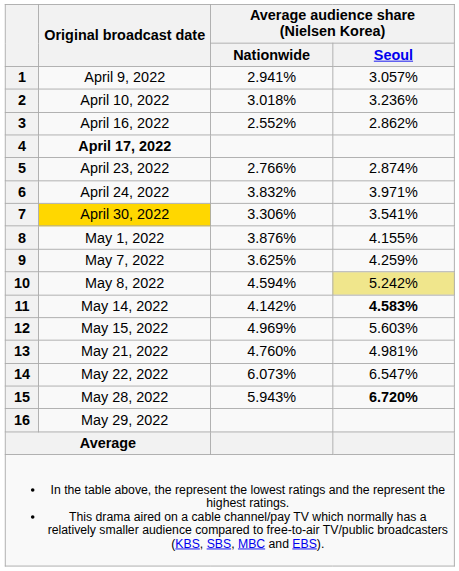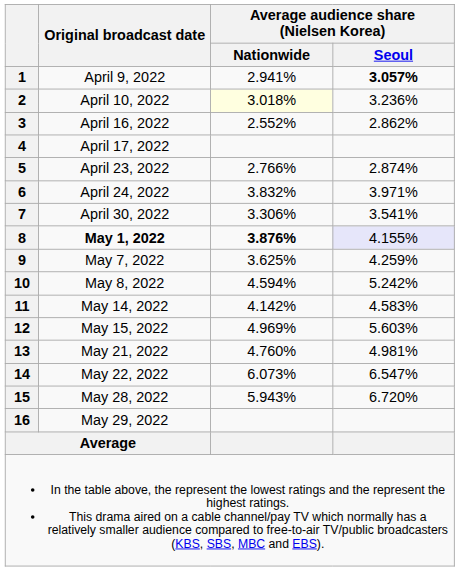 <table class="wikitable" style="margin-left:auto; margin-right:auto; width:500px; text-align:center">
 <tr>
 <th scope="col" rowspan="2"></th>
 <th scope="col" rowspan="2">Original broadcast date</th>
 <th scope="col" colspan="2">Average audience share<br>(Nielsen Korea)</th>
 </tr>
 <tr>
 <th scope="col" style="width:8em">Nationwide</th>
 <th scope="col" style="width:8em"><a href='#'>Seoul</a></th>
 </tr>
 <tr>
 <th scope="col">1</th>
 <td>April 9, 2022</td>
 <td>2.941% </td>
-<td>3.057% </td>
+<td><strong>3.057% </strong></td>
 </tr>
 <tr>
 <th scope="col">2</th>
 <td>April 10, 2022</td>
-<td>3.018% </td>
+<td style="background: lightyellow;">3.018% </td>
 <td>3.236% </td>
 </tr>
 <tr>
 <th scope="col">3</th>
 <td>April 16, 2022</td>
 <td>2.552% </td>
 <td>2.862% </td>
 </tr>
 <tr>
 <th scope="col">4</th>
-<td><strong>April 17, 2022</strong></td>
+<td>April 17, 2022</td>
 <td><strong></strong> </td>
 <td><strong></strong> </td>
 </tr>
 <tr>
 <th scope="col">5</th>
 <td>April 23, 2022</td>
 <td>2.766% </td>
 <td>2.874% </td>
 </tr>
 <tr>
 <th scope="col">6</th>
 <td>April 24, 2022</td>
 <td>3.832% </td>
 <td>3.971% </td>
 </tr>
 <tr>
 <th scope="col">7</th>
-<td style="background: gold;">April 30, 2022</td>
+<td>April 30, 2022</td>
 <td>3.306% </td>
 <td>3.541% </td>
 </tr>
 <tr>
 <th scope="col">8</th>
-<td>May 1, 2022</td>
-<td>3.876% </td>
-<td>4.155% </td>
+<td><strong>May 1, 2022</strong></td>
+<td><strong>3.876% </strong></td>
+<td style="background: lavender;">4.155% </td>
 </tr>
 <tr>
 <th scope="col">9</th>
 <td>May 7, 2022</td>
 <td>3.625% </td>
 <td>4.259% </td>
 </tr>
 <tr>
 <th scope="col">10</th>
 <td>May 8, 2022</td>
 <td>4.594% </td>
-<td style="background: khaki;">5.242% </td>
+<td>5.242% </td>
 </tr>
 <tr>
 <th scope="col">11</th>
 <td>May 14, 2022</td>
 <td>4.142% </td>
-<td><strong>4.583% </strong></td>
+<td>4.583% </td>
 </tr>
 <tr>
 <th scope="col">12</th>
 <td>May 15, 2022</td>
 <td>4.969% </td>
 <td>5.603% </td>
 </tr>
 <tr>
 <th scope="col">13</th>
 <td>May 21, 2022</td>
 <td>4.760% </td>
 <td>4.981% </td>
 </tr>
 <tr>
 <th scope="col">14</th>
 <td>May 22, 2022</td>
 <td>6.073% </td>
 <td>6.547% </td>
 </tr>
 <tr>
 <th scope="col">15</th>
 <td>May 28, 2022</td>
 <td>5.943% </td>
-<td><strong>6.720% </strong></td>
+<td>6.720% </td>
 </tr>
 <tr>
 <th scope="col">16</th>
 <td>May 29, 2022</td>
 <td><strong></strong> </td>
 <td><strong></strong> </td>
 </tr>
 <tr>
 <th scope="col" colspan="2">Average</th>
 <th scope="col"></th>
 <th scope="col"></th>
 </tr>
 <tr>
 <td colspan="4" style="font-size:85%"><br><ul><li>In the table above, the <strong></strong> represent the lowest ratings and the <strong></strong> represent the highest ratings.</li><li>This drama aired on a cable channel/pay TV which normally has a relatively smaller audience compared to free-to-air TV/public broadcasters (<a href='#'>KBS</a>, <a href='#'>SBS</a>, <a href='#'>MBC</a> and <a href='#'>EBS</a>).</li></ul></td>
 </tr>
 </table>
